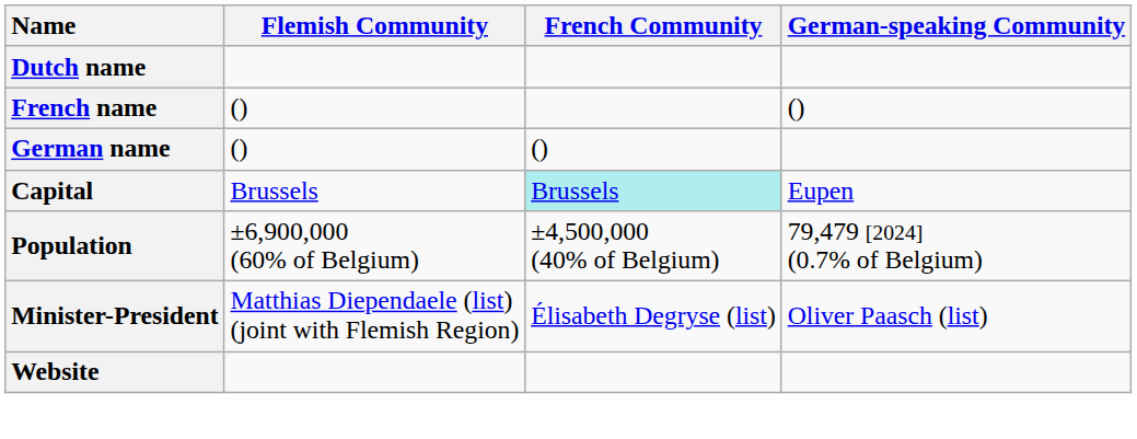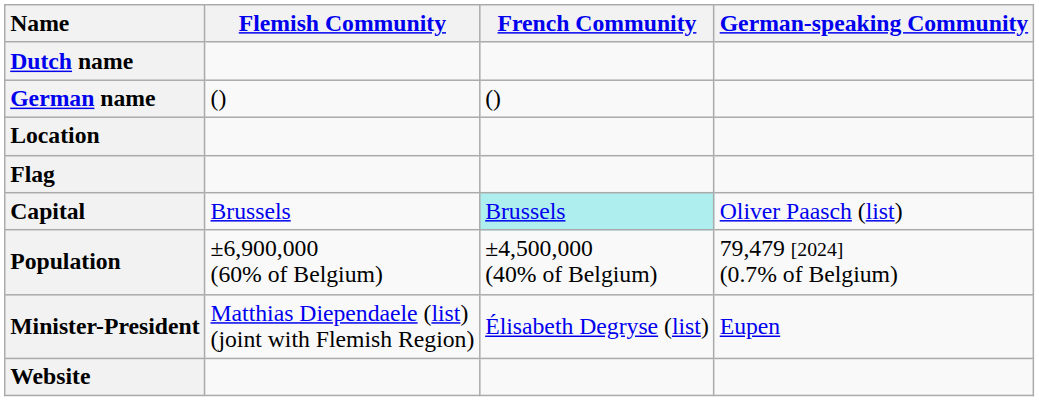 <table class="wikitable">
 <tr>
 <th style="text-align: left;">Name</th>
 <th><a href='#'>Flemish Community</a></th>
 <th><a href='#'>French Community</a></th>
 <th><a href='#'>German-speaking Community</a></th>
 </tr>
 <tr>
 <th style="text-align: left;"><a href='#'>Dutch</a> name</th>
 <td></td>
 <td></td>
 <td></td>
 </tr>
 <tr>
-<th style="text-align: left;"><a href='#'>French</a> name</th>
-<td>()</td>
-<td><strong></strong></td>
-<td>()</td>
-</tr>
-<tr>
 <th style="text-align: left;"><a href='#'>German</a> name</th>
 <td>()</td>
 <td>()</td>
 <td><strong></strong></td>
 </tr>
 <tr>
+<th style="text-align: left;">Location</th>
+<td></td>
+<td></td>
+<td></td>
+</tr>
+<tr>
+<th style="text-align: left;">Flag</th>
+<td></td>
+<td></td>
+<td></td>
+</tr>
+<tr>
 <th style="text-align: left;">Capital</th>
 <td><a href='#'>Brussels</a></td>
 <td style="background: paleturquoise;"><a href='#'>Brussels</a></td>
-<td><a href='#'>Eupen</a></td>
+<td><a href='#'>Oliver Paasch</a> (<a href='#'>list</a>)</td>
 </tr>
 <tr>
 <th style="text-align: left;">Population</th>
 <td>±6,900,000<br>(60% of Belgium)</td>
 <td>±4,500,000<br>(40% of Belgium)</td>
 <td>79,479 <small>[2024]</small><br>(0.7% of Belgium)</td>
 </tr>
 <tr>
 <th style="text-align: left;">Minister-President</th>
 <td><a href='#'>Matthias Diependaele</a> (<a href='#'>list</a>)<br>(joint with Flemish Region)</td>
 <td><a href='#'>Élisabeth Degryse</a> (<a href='#'>list</a>)</td>
-<td><a href='#'>Oliver Paasch</a> (<a href='#'>list</a>)</td>
+<td><a href='#'>Eupen</a></td>
 </tr>
 <tr>
 <th style="text-align: left;">Website</th>
 <td></td>
 <td></td>
 <td></td>
 </tr>
 </table>
